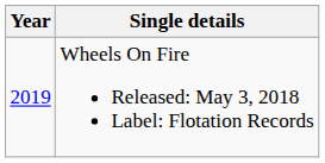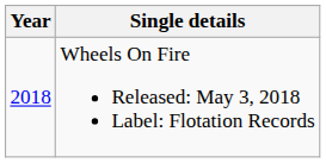 <table class="wikitable">
 <tr>
 <th>Year</th>
 <th>Single details</th>
 </tr>
 <tr>
-<td><a href='#'>2019</a></td>
+<td><a href='#'>2018</a></td>
 <td>Wheels On Fire<br><ul><li>Released: May 3, 2018</li><li>Label: Flotation Records</li></ul></td>
 </tr>
 </table>
